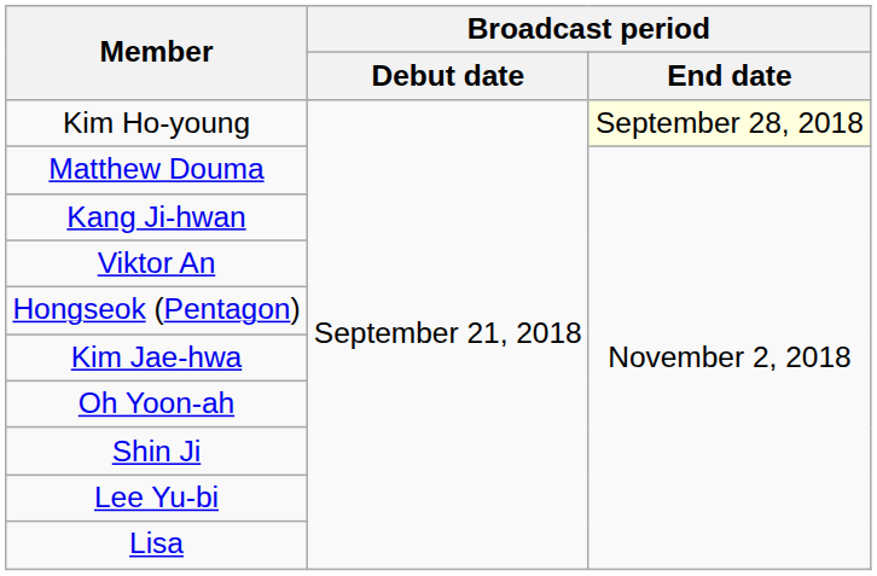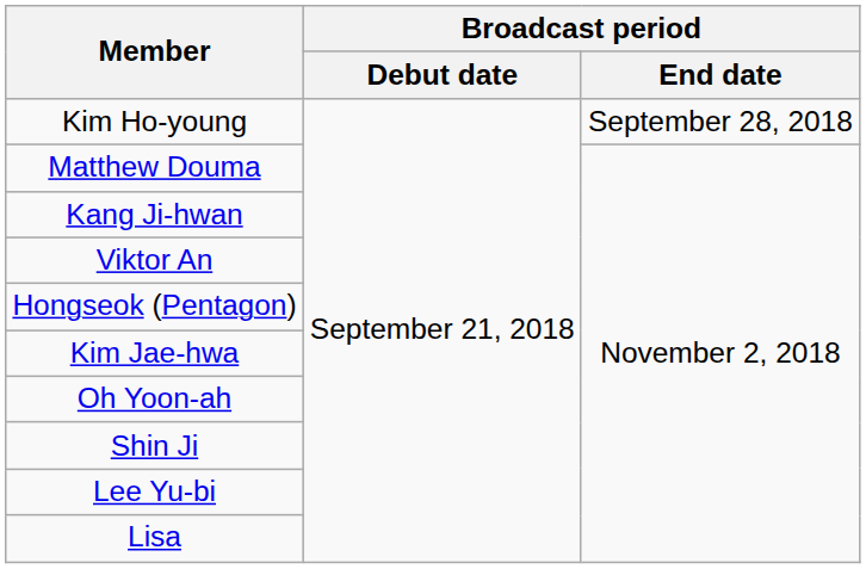 <table class="wikitable" style="text-align:center;">
 <tr>
 <th rowspan=2>Member</th>
 <th colspan=2>Broadcast period</th>
 </tr>
 <tr>
 <th>Debut date</th>
 <th>End date</th>
 </tr>
 <tr>
 <td>Kim Ho-young</td>
 <td rowspan=10>September 21, 2018</td>
-<td style="background: lightyellow;">September 28, 2018</td>
+<td>September 28, 2018</td>
 </tr>
 <tr>
 <td><a href='#'>Matthew Douma</a></td>
 <td rowspan=9>November 2, 2018</td>
 </tr>
 <tr>
 <td><a href='#'>Kang Ji-hwan</a></td>
 </tr>
 <tr>
 <td><a href='#'>Viktor An</a></td>
 </tr>
 <tr>
 <td><a href='#'>Hongseok</a> (<a href='#'>Pentagon</a>)</td>
 </tr>
 <tr>
 <td><a href='#'>Kim Jae-hwa</a></td>
 </tr>
 <tr>
 <td><a href='#'>Oh Yoon-ah</a></td>
 </tr>
 <tr>
 <td><a href='#'>Shin Ji</a></td>
 </tr>
 <tr>
 <td><a href='#'>Lee Yu-bi</a></td>
 </tr>
 <tr>
 <td><a href='#'>Lisa</a></td>
 </tr>
 </table>
